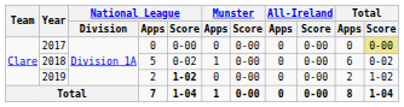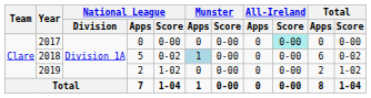 <table class="wikitable" style="text-align:center">
 <tr>
 <th rowspan="2">Team</th>
 <th rowspan="2">Year</th>
 <th colspan="3"><a href='#'>National League</a></th>
 <th colspan="2"><a href='#'>Munster</a></th>
 <th colspan="2"><a href='#'>All-Ireland</a></th>
 <th colspan="2">Total</th>
 </tr>
 <tr>
 <th>Division</th>
 <th>Apps</th>
 <th>Score</th>
 <th>Apps</th>
 <th>Score</th>
 <th>Apps</th>
 <th>Score</th>
 <th>Apps</th>
 <th>Score</th>
 </tr>
 <tr>
 <td rowspan="3"><a href='#'>Clare</a></td>
 <td>2017</td>
 <td rowspan="3"><a href='#'>Division 1A</a></td>
 <td>0</td>
 <td>0-00</td>
 <td>0</td>
 <td>0-00</td>
 <td>0</td>
+<td style="background: paleturquoise;">0-00</td>
+<td>0</td>
 <td>0-00</td>
-<td>0</td>
-<td style="background: khaki;">0-00</td>
 </tr>
 <tr>
 <td>2018</td>
 <td>5</td>
 <td>0-02</td>
-<td>1</td>
+<td style="background: lightblue;">1</td>
 <td>0-00</td>
 <td>0</td>
 <td>0-00</td>
 <td>6</td>
 <td>0-02</td>
 </tr>
 <tr>
 <td>2019</td>
 <td>2</td>
-<td><strong>1-02</strong></td>
+<td>1-02</td>
 <td>0</td>
 <td>0-00</td>
 <td>0</td>
 <td>0-00</td>
 <td>2</td>
 <td>1-02</td>
 </tr>
 <tr>
 <th colspan="3">Total</th>
 <td><strong>7</strong></td>
 <td><strong>1-04</strong></td>
 <td><strong>1</strong></td>
 <td><strong>0-00</strong></td>
 <td><strong>0</strong></td>
 <td><strong>0-00</strong></td>
 <td><strong>8</strong></td>
 <td><strong>1-04</strong></td>
 </tr>
 </table>
